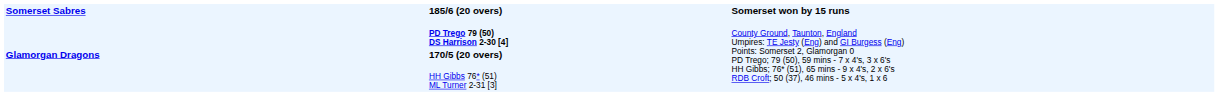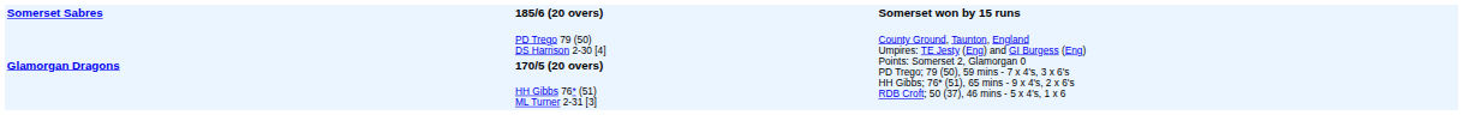 <table style="width:100%; background:#ebf5ff;">
 <tr>
 <td style="width:35%; vertical-align:top;" rowspan="2"><strong><a href='#'>Somerset Sabres</a></strong></td>
 <td style="width:25%;"><strong>185/6 (20 overs)</strong></td>
 <td style="width:40%;"><strong>Somerset won by 15 runs</strong></td>
 </tr>
 <tr>
-<td style="font-size: 85%;"><strong><br><a href='#'>PD Trego</a> 79 (50)<br> <a href='#'>DS Harrison</a> 2-30 [4]</strong></td>
+<td style="font-size: 85%;"><br><a href='#'>PD Trego</a> 79 (50)<br> <a href='#'>DS Harrison</a> 2-30 [4]</td>
 <td style="vertical-align:top; font-size:85%;" rowspan="3"><br><a href='#'>County Ground</a>, <a href='#'>Taunton</a>, <a href='#'>England</a><br> Umpires: <a href='#'>TE Jesty</a> (<a href='#'>Eng</a>) and <a href='#'>GI Burgess</a> (<a href='#'>Eng</a>)<br> Points: Somerset 2, Glamorgan 0<br>PD Trego; 79 (50), 59 mins - 7 x 4's, 3 x 6's<br> HH Gibbs; 76* (51), 65 mins - 9 x 4's, 2 x 6's<br> <a href='#'>RDB Croft</a>; 50 (37), 46 mins - 5 x 4's, 1 x 6</td>
 </tr>
 <tr>
 <td style="vertical-align:top;" rowspan="2"><strong><a href='#'>Glamorgan Dragons</a></strong></td>
 <td><strong>170/5 (20 overs)</strong></td>
 </tr>
 <tr>
 <td style="font-size: 85%;"><br><a href='#'>HH Gibbs</a> 76<a href='#'>*</a> (51)<br> <a href='#'>ML Turner</a> 2-31 [3]</td>
 </tr>
 </table>
